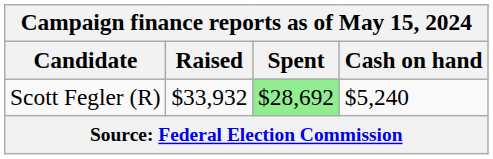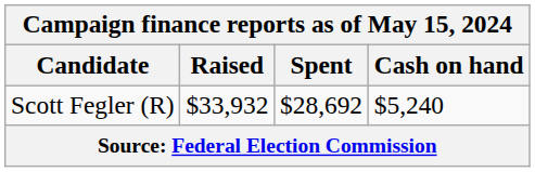 <table class="wikitable sortable">
 <tr>
 <th colspan=4>Campaign finance reports as of May 15, 2024</th>
 </tr>
 <tr style="text-align:center;">
 <th>Candidate</th>
 <th>Raised</th>
 <th>Spent</th>
 <th>Cash on hand</th>
 </tr>
 <tr>
 <td>Scott Fegler (R)</td>
 <td>$33,932</td>
-<td style="background: lightgreen;">$28,692</td>
+<td>$28,692</td>
 <td>$5,240</td>
 </tr>
 <tr>
 <th colspan="4"><small>Source: <a href='#'>Federal Election Commission</a></small></th>
 </tr>
 </table>
